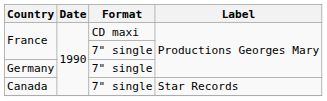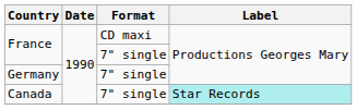 <table class=wikitable>
 <tr>
 <th>Country</th>
 <th>Date</th>
 <th>Format</th>
 <th>Label</th>
 </tr>
 <tr>
 <td rowspan="2">France</td>
 <td rowspan="4">1990</td>
 <td>CD maxi</td>
 <td rowspan="3">Productions Georges Mary</td>
 </tr>
 <tr>
 <td>7" single</td>
 </tr>
 <tr>
 <td>Germany</td>
 <td>7" single</td>
 </tr>
 <tr>
 <td>Canada</td>
 <td>7" single</td>
-<td>Star Records</td>
+<td style="background: paleturquoise;">Star Records</td>
 </tr>
 <tr>
 </tr>
 </table>
